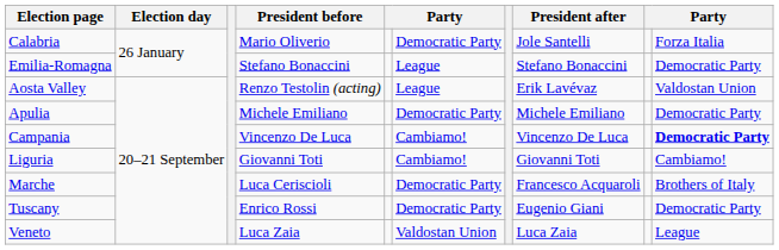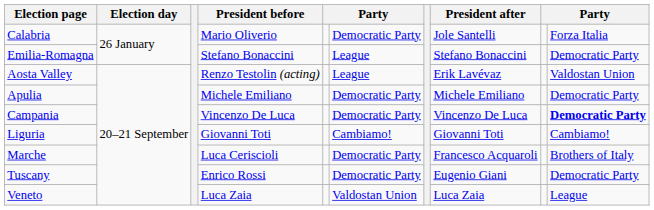 <table class="wikitable " style="valign:top;">
 <tr>
 <th>Election page</th>
 <th>Election day</th>
 <th rowspan=10 style="width:1px;"></th>
 <th>President before</th>
 <th colspan=2>Party</th>
 <th rowspan=10 style="width:1px;"></th>
 <th>President after</th>
 <th colspan=2>Party</th>
 </tr>
 <tr>
 <td><a href='#'>Calabria</a></td>
 <td rowspan="2">26 January</td>
 <td><a href='#'>Mario Oliverio</a></td>
 <td width="1"></td>
 <td align="left"><a href='#'>Democratic Party</a></td>
 <td><a href='#'>Jole Santelli</a></td>
 <td width="1"></td>
 <td align="left"><a href='#'>Forza Italia</a></td>
 </tr>
 <tr>
 <td><a href='#'>Emilia-Romagna</a></td>
 <td><a href='#'>Stefano Bonaccini</a></td>
 <td width="1"></td>
 <td align="left"><a href='#'>League</a></td>
 <td><a href='#'>Stefano Bonaccini</a></td>
 <td width="1"></td>
 <td align="left"><a href='#'>Democratic Party</a></td>
 </tr>
 <tr>
 <td><a href='#'>Aosta Valley</a></td>
 <td rowspan="7">20–21 September</td>
 <td><a href='#'>Renzo Testolin</a> <em>(acting)</em></td>
 <td width="1"></td>
 <td align="left"><a href='#'>League</a></td>
 <td><a href='#'>Erik Lavévaz</a></td>
 <td width="1"></td>
 <td align="left"><a href='#'>Valdostan Union</a></td>
 </tr>
 <tr>
 <td><a href='#'>Apulia</a></td>
 <td><a href='#'>Michele Emiliano</a></td>
 <td width="1"></td>
 <td align="left"><a href='#'>Democratic Party</a></td>
 <td><a href='#'>Michele Emiliano</a></td>
 <td width="1"></td>
 <td align="left"><a href='#'>Democratic Party</a></td>
 </tr>
 <tr>
 <td><a href='#'>Campania</a></td>
 <td><a href='#'>Vincenzo De Luca</a></td>
 <td width="1"></td>
-<td align="left"><a href='#'>Cambiamo!</a></td>
+<td align="left"><a href='#'>Democratic Party</a></td>
 <td><a href='#'>Vincenzo De Luca</a></td>
 <td width="1"></td>
 <td align="left"><strong><a href='#'>Democratic Party</a></strong></td>
 </tr>
 <tr>
 <td><a href='#'>Liguria</a></td>
 <td><a href='#'>Giovanni Toti</a></td>
 <td width="1"></td>
 <td align="left"><a href='#'>Cambiamo!</a></td>
 <td><a href='#'>Giovanni Toti</a></td>
 <td width="1"></td>
 <td align="left"><a href='#'>Cambiamo!</a></td>
 </tr>
 <tr>
 <td><a href='#'>Marche</a></td>
 <td><a href='#'>Luca Ceriscioli</a></td>
 <td width="1"></td>
 <td align="left"><a href='#'>Democratic Party</a></td>
 <td><a href='#'>Francesco Acquaroli</a></td>
 <td width="1"></td>
 <td align="left"><a href='#'>Brothers of Italy</a></td>
 </tr>
 <tr>
 <td><a href='#'>Tuscany</a></td>
 <td><a href='#'>Enrico Rossi</a></td>
 <td width="1"></td>
 <td align="left"><a href='#'>Democratic Party</a></td>
 <td><a href='#'>Eugenio Giani</a></td>
 <td width="1"></td>
 <td align="left"><a href='#'>Democratic Party</a></td>
 </tr>
 <tr>
 <td><a href='#'>Veneto</a></td>
 <td><a href='#'>Luca Zaia</a></td>
 <td width="1"></td>
 <td align="left"><a href='#'>Valdostan Union</a></td>
 <td><a href='#'>Luca Zaia</a></td>
 <td width="1"></td>
 <td align="left"><a href='#'>League</a></td>
 </tr>
 </table>
